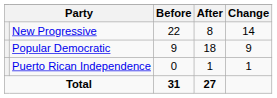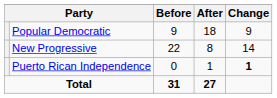 <table class="wikitable" style="text-align:center;">
 <tr>
 </tr>
 <tr>
 <th colspan=2>Party</th>
 <th>Before</th>
 <th>After</th>
 <th>Change</th>
 </tr>
 <tr>
 <th style="background-color:"></th>
+<td style="text-align:left;"><a href='#'>Popular Democratic</a></td>
+<td>9</td>
+<td>18</td>
+<td> 9</td>
+</tr>
+<tr>
+<th style="background-color:"></th>
 <td style="text-align:left;"><a href='#'>New Progressive</a></td>
 <td>22</td>
 <td>8</td>
 <td> 14</td>
 </tr>
 <tr>
 <th style="background-color:"></th>
-<td style="text-align:left;"><a href='#'>Popular Democratic</a></td>
-<td>9</td>
-<td>18</td>
-<td> 9</td>
-</tr>
-<tr>
-<th style="background-color:"></th>
 <td style="text-align:left;"><a href='#'>Puerto Rican Independence</a></td>
 <td>0</td>
 <td>1</td>
-<td> 1</td>
+<td><strong> 1</strong></td>
 </tr>
 <tr>
 <td colspan=2><strong>Total</strong></td>
 <td><strong>31</strong></td>
 <td><strong>27</strong></td>
 <td></td>
 </tr>
 </table>
